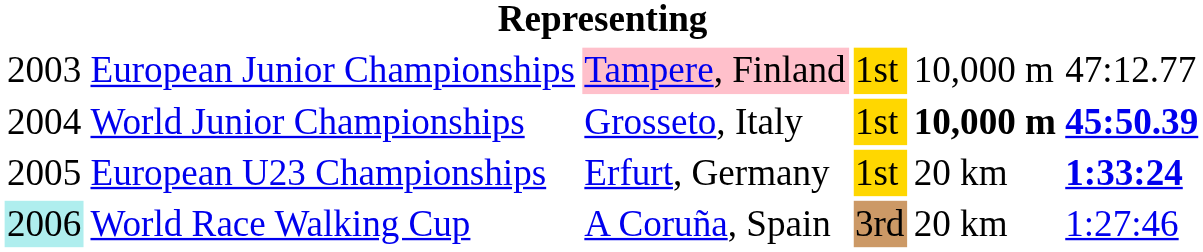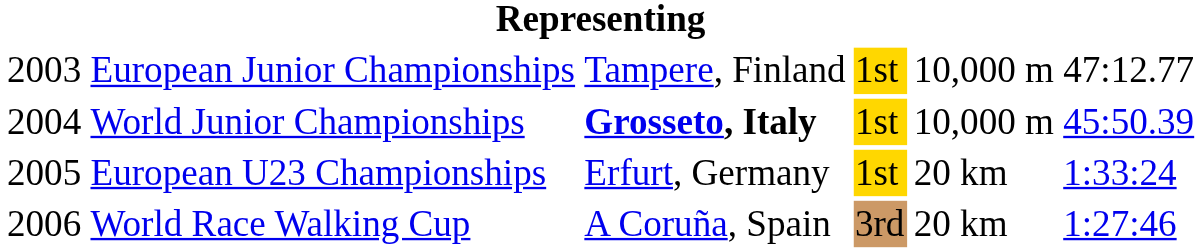 <table>
 <tr>
 <th colspan="6">Representing </th>
 </tr>
 <tr>
 <td>2003</td>
 <td><a href='#'>European Junior Championships</a></td>
-<td style="background: pink;"><a href='#'>Tampere</a>, Finland</td>
+<td><a href='#'>Tampere</a>, Finland</td>
 <td bgcolor="gold">1st</td>
 <td>10,000 m</td>
 <td>47:12.77</td>
 </tr>
 <tr>
 <td>2004</td>
 <td><a href='#'>World Junior Championships</a></td>
-<td><a href='#'>Grosseto</a>, Italy</td>
+<td><strong><a href='#'>Grosseto</a>, Italy</strong></td>
 <td bgcolor="gold">1st</td>
-<td><strong>10,000 m</strong></td>
-<td><strong><a href='#'>45:50.39</a></strong></td>
+<td>10,000 m</td>
+<td><a href='#'>45:50.39</a></td>
 </tr>
 <tr>
 <td>2005</td>
 <td><a href='#'>European U23 Championships</a></td>
 <td><a href='#'>Erfurt</a>, Germany</td>
 <td bgcolor=gold>1st</td>
 <td>20 km</td>
-<td><strong><a href='#'>1:33:24</a></strong></td>
+<td><a href='#'>1:33:24</a></td>
 </tr>
 <tr>
-<td style="background: paleturquoise;">2006</td>
+<td>2006</td>
 <td><a href='#'>World Race Walking Cup</a></td>
 <td><a href='#'>A Coruña</a>, Spain</td>
 <td bgcolor="cc9966">3rd</td>
 <td>20 km</td>
 <td><a href='#'>1:27:46</a></td>
 </tr>
 </table>
